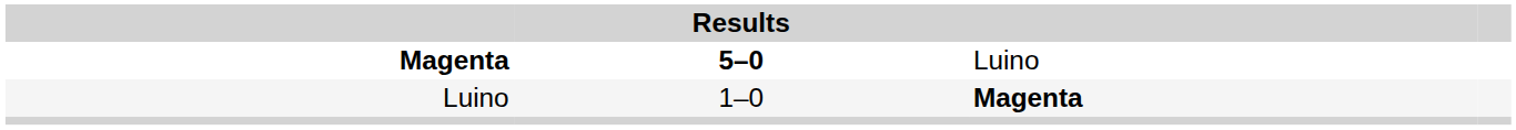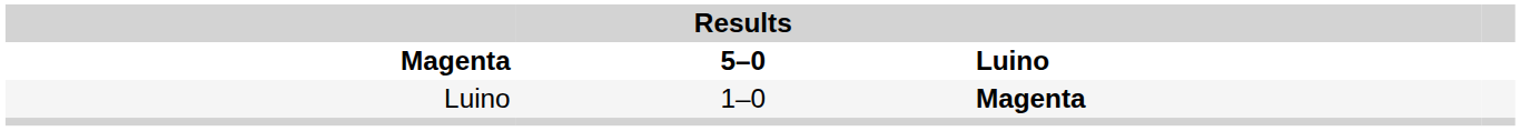 <table align=center style="font-size: 85%; border-collapse:collapse" border=0 cellspacing=0 cellpadding=2 width=60%>
 <tr bgcolor="D3D3D3">
 <th align=right></th>
 <th align=center>Results</th>
 <th align=left></th>
 <th align=center></th>
 </tr>
 <tr bgcolor=#FFFFFF>
 <td align=right><strong>Magenta</strong></td>
 <td align=center><strong>5–0</strong></td>
-<td>Luino</td>
+<td><strong>Luino</strong></td>
 <td align=center></td>
 </tr>
 <tr bgcolor=#F5F5F5>
 <td align=right>Luino</td>
 <td align=center>1–0</td>
 <td><strong>Magenta</strong></td>
 <td align=center></td>
 </tr>
 <tr align=center style="background:#D3D3D3;">
 <td></td>
 <td></td>
 <td></td>
 <td></td>
 </tr>
 </table>
